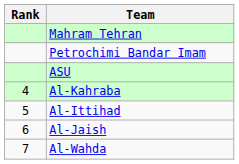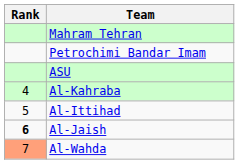 <table class="wikitable" style="text-align: center;">
 <tr>
 <th width=40>Rank</th>
 <th width=200>Team</th>
 </tr>
 <tr bgcolor="#ccffcc">
 <td></td>
 <td align="left"> <a href='#'>Mahram Tehran</a></td>
 </tr>
 <tr bgcolor=>
 <td></td>
 <td align="left"> <a href='#'>Petrochimi Bandar Imam</a></td>
 </tr>
 <tr bgcolor="#ccffcc">
 <td></td>
 <td align="left"> <a href='#'>ASU</a></td>
 </tr>
 <tr bgcolor="#ccffcc">
 <td>4</td>
 <td align="left"> <a href='#'>Al-Kahraba</a></td>
 </tr>
 <tr bgcolor=>
 <td>5</td>
 <td align="left"> <a href='#'>Al-Ittihad</a></td>
 </tr>
 <tr>
-<td>6</td>
+<td><strong>6</strong></td>
 <td align="left"> <a href='#'>Al-Jaish</a></td>
 </tr>
 <tr>
-<td>7</td>
+<td style="background: lightsalmon;">7</td>
 <td align="left"> <a href='#'>Al-Wahda</a></td>
 </tr>
 </table>
